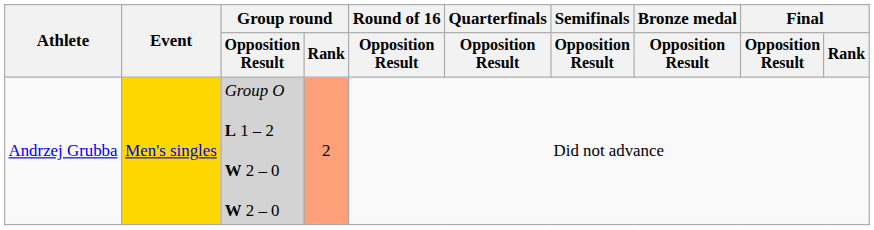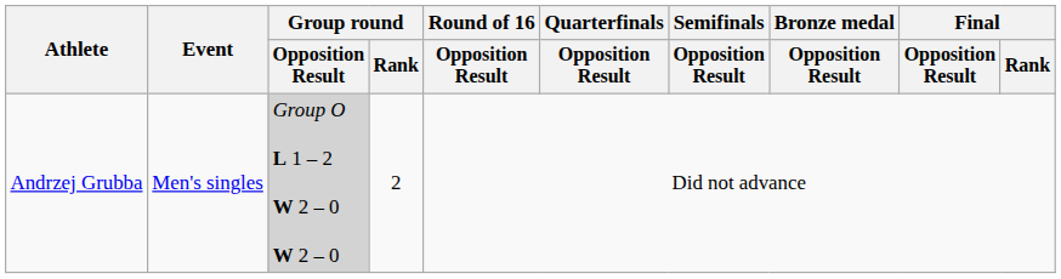 <table class="wikitable" style="font-size:90%;">
 <tr>
 <th rowspan="2">Athlete</th>
 <th rowspan="2">Event</th>
 <th colspan="2">Group round</th>
 <th>Round of 16</th>
 <th>Quarterfinals</th>
 <th>Semifinals</th>
 <th>Bronze medal</th>
 <th colspan=2>Final</th>
 </tr>
 <tr style="font-size:95%">
 <th>Opposition<br>Result</th>
 <th>Rank</th>
 <th>Opposition<br>Result</th>
 <th>Opposition<br>Result</th>
 <th>Opposition<br>Result</th>
 <th>Opposition<br>Result</th>
 <th>Opposition<br>Result</th>
 <th>Rank</th>
 </tr>
 <tr align=center>
 <td align=left><a href='#'>Andrzej Grubba</a></td>
-<td align=left style="background: gold;"><a href='#'>Men's singles</a></td>
+<td align=left><a href='#'>Men's singles</a></td>
 <td align=left style="background: lightgrey;"><em>Group O</em><br><br><strong>L</strong> 1 – 2<br><br><strong>W</strong> 2 – 0<br><br><strong>W</strong> 2 – 0</td>
-<td style="background: lightsalmon;">2</td>
+<td>2</td>
 <td colspan=6>Did not advance</td>
 </tr>
 </table>
